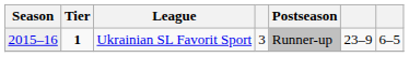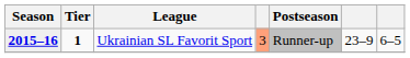 <table class="wikitable" style="font-size:90%;">
 <tr bgcolor=>
 <th>Season</th>
 <th>Tier</th>
 <th>League</th>
 <th></th>
 <th>Postseason</th>
 <th></th>
 <th></th>
 </tr>
 <tr>
-<td style="background:#efefef;"><a href='#'>2015–16</a></td>
+<td style="background:#efefef;"><strong><a href='#'>2015–16</a></strong></td>
 <td align="center"><strong>1</strong></td>
 <td><a href='#'>Ukrainian SL Favorit Sport</a></td>
-<td align="center">3</td>
+<td align="center" style="background: lightsalmon;">3</td>
 <td bgcolor=silver>Runner-up</td>
 <td>23–9</td>
 <td>6–5</td>
 </tr>
 <tr>
 </tr>
 <tr>
 </tr>
 </table>
